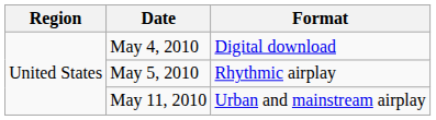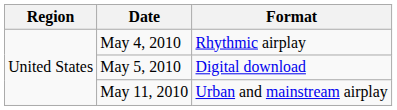 <table class="wikitable">
 <tr>
 <th>Region</th>
 <th>Date</th>
 <th>Format</th>
 </tr>
 <tr>
 <td rowspan="3">United States</td>
 <td>May 4, 2010</td>
-<td><a href='#'>Digital download</a></td>
+<td><a href='#'>Rhythmic</a> airplay</td>
 </tr>
 <tr>
 <td>May 5, 2010</td>
-<td><a href='#'>Rhythmic</a> airplay</td>
+<td><a href='#'>Digital download</a></td>
 </tr>
 <tr>
 <td>May 11, 2010</td>
 <td><a href='#'>Urban</a> and <a href='#'>mainstream</a> airplay</td>
 </tr>
 </table>
